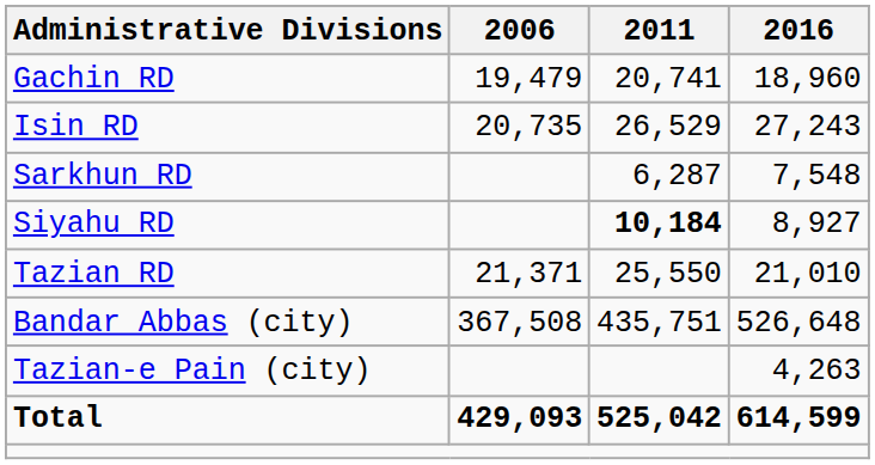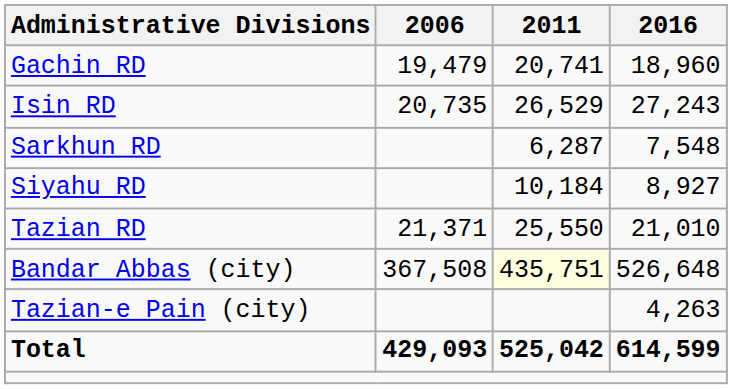 <table class="wikitable">
 <tr>
 <th>Administrative Divisions</th>
 <th>2006</th>
 <th>2011</th>
 <th>2016</th>
 </tr>
 <tr>
 <td><a href='#'>Gachin RD</a></td>
 <td style="text-align: right;">19,479</td>
 <td style="text-align: right;">20,741</td>
 <td style="text-align: right;">18,960</td>
 </tr>
 <tr>
 <td><a href='#'>Isin RD</a></td>
 <td style="text-align: right;">20,735</td>
 <td style="text-align: right;">26,529</td>
 <td style="text-align: right;">27,243</td>
 </tr>
 <tr>
 <td><a href='#'>Sarkhun RD</a></td>
 <td style="text-align: right;"></td>
 <td style="text-align: right;">6,287</td>
 <td style="text-align: right;">7,548</td>
 </tr>
 <tr>
 <td><a href='#'>Siyahu RD</a></td>
 <td style="text-align: right;"></td>
-<td style="text-align: right;"><strong>10,184</strong></td>
+<td style="text-align: right;">10,184</td>
 <td style="text-align: right;">8,927</td>
 </tr>
 <tr>
 <td><a href='#'>Tazian RD</a></td>
 <td style="text-align: right;">21,371</td>
 <td style="text-align: right;">25,550</td>
 <td style="text-align: right;">21,010</td>
 </tr>
 <tr>
 <td><a href='#'>Bandar Abbas</a> (city)</td>
 <td style="text-align: right;">367,508</td>
-<td style="text-align: right;">435,751</td>
+<td style="background: lightyellow; text-align: right;">435,751</td>
 <td style="text-align: right;">526,648</td>
 </tr>
 <tr>
 <td><a href='#'>Tazian-e Pain</a> (city)</td>
 <td style="text-align: right;"></td>
 <td style="text-align: right;"></td>
 <td style="text-align: right;">4,263</td>
 </tr>
 <tr>
 <td><strong>Total</strong></td>
 <td style="text-align: right;"><strong>429,093</strong></td>
 <td style="text-align: right;"><strong>525,042</strong></td>
 <td style="text-align: right;"><strong>614,599</strong></td>
 </tr>
 <tr>
 <td colspan=4></td>
 </tr>
 </table>
